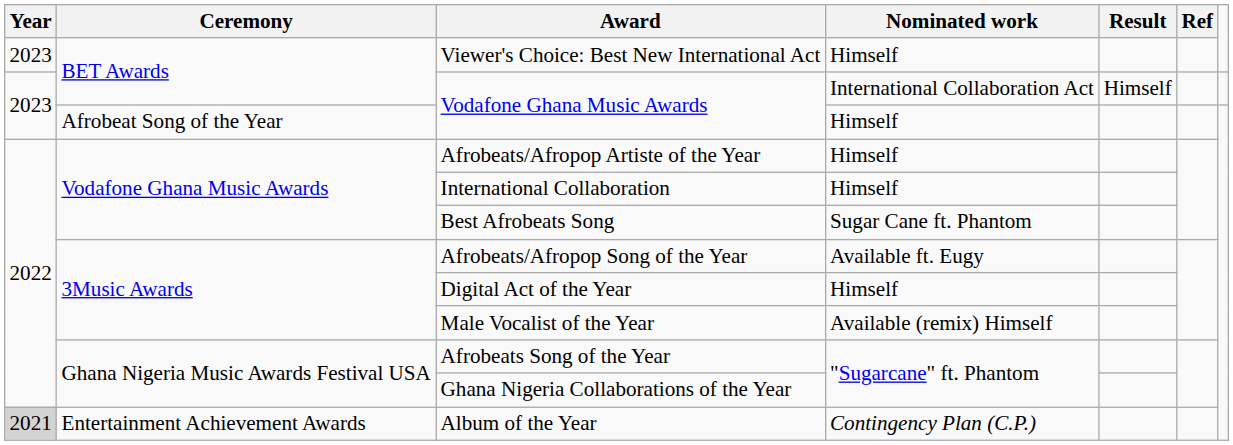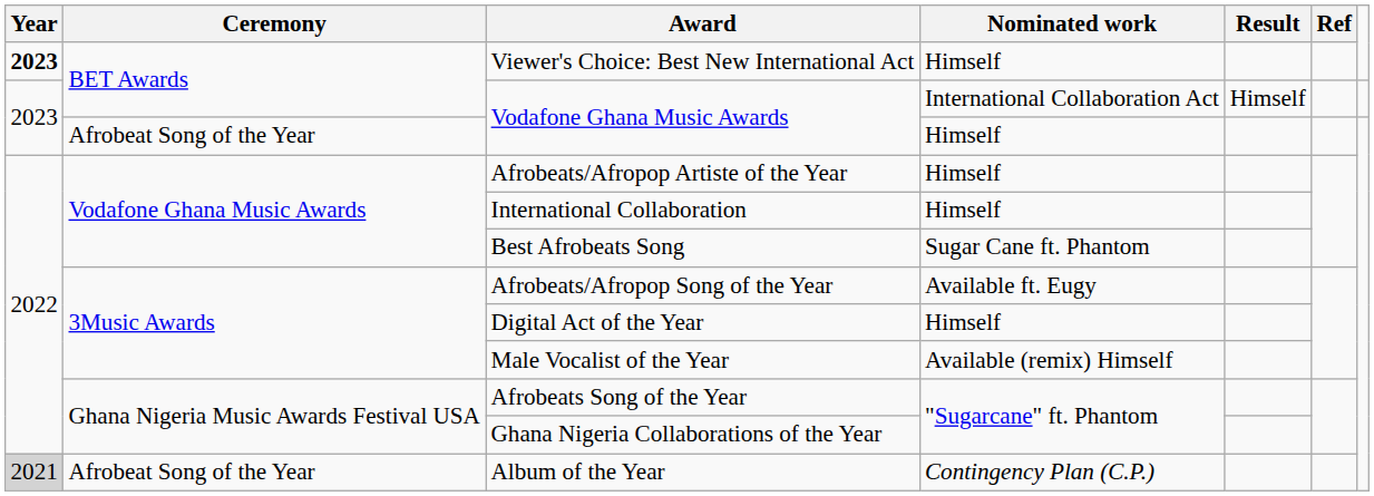 <table class="wikitable">
 <tr>
 <th>Year</th>
 <th>Ceremony</th>
 <th>Award</th>
 <th>Nominated work</th>
 <th>Result</th>
 <th>Ref</th>
 </tr>
 <tr>
-<td rowspan="1">2023</td>
+<td rowspan="1"><strong>2023</strong></td>
 <td rowspan="2"><a href='#'>BET Awards </a></td>
 <td>Viewer's Choice: Best New International Act</td>
 <td>Himself</td>
 <td></td>
 <td></td>
 </tr>
 <tr>
 <td rowspan="2">2023</td>
 <td rowspan="2"><a href='#'>Vodafone Ghana Music Awards</a></td>
 <td>International Collaboration Act</td>
 <td>Himself</td>
 <td></td>
 <td></td>
 </tr>
 <tr>
 <td>Afrobeat Song of the Year</td>
 <td>Himself</td>
 <td></td>
 <td></td>
 </tr>
 <tr>
 <td rowspan="8">2022</td>
 <td rowspan="3"><a href='#'>Vodafone Ghana Music Awards</a></td>
 <td>Afrobeats/Afropop Artiste of the Year</td>
 <td>Himself</td>
 <td></td>
 <td rowspan="3"></td>
 </tr>
 <tr>
 <td>International Collaboration</td>
 <td>Himself</td>
 <td></td>
 </tr>
 <tr>
 <td>Best Afrobeats Song</td>
 <td>Sugar Cane ft. Phantom</td>
 <td></td>
 </tr>
 <tr>
 <td rowspan="3"><a href='#'>3Music Awards</a></td>
 <td>Afrobeats/Afropop Song of the Year</td>
 <td>Available ft. Eugy</td>
 <td></td>
 <td rowspan="3"></td>
 </tr>
 <tr>
 <td>Digital Act of the Year</td>
 <td>Himself</td>
 <td></td>
 </tr>
 <tr>
 <td>Male Vocalist of the Year</td>
 <td>Available (remix) Himself</td>
 <td></td>
 </tr>
 <tr>
 <td rowspan="2">Ghana Nigeria Music Awards Festival USA</td>
 <td>Afrobeats Song of the Year</td>
 <td rowspan="2">"<a href='#'>Sugarcane</a>" ft. Phantom</td>
 <td></td>
 <td rowspan="2"></td>
 </tr>
 <tr>
 <td>Ghana Nigeria Collaborations of the Year</td>
 <td></td>
 </tr>
 <tr>
 <td style="background: lightgrey;">2021</td>
-<td>Entertainment Achievement Awards</td>
+<td>Afrobeat Song of the Year</td>
 <td>Album of the Year</td>
 <td><em>Contingency Plan (C.P.)</em></td>
 <td></td>
 <td></td>
 </tr>
 </table>
